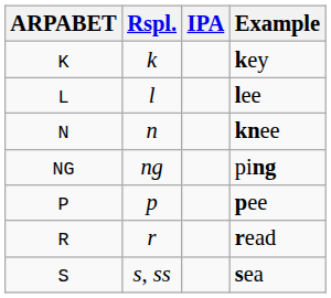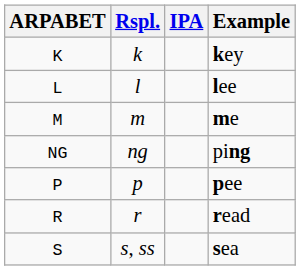 <table class="wikitable" style="display:inline-table; text-align: center;">
 <tr>
 <th colspan="1">ARPABET</th>
 <th colspan="1"><a href='#'>Rspl.</a></th>
 <th rowspan="1"><a href='#'>IPA</a></th>
 <th rowspan="1">Example</th>
 </tr>
 <tr>
 <td><code>K</code></td>
 <td><em>k</em></td>
 <td></td>
 <td style="text-align:left"><strong>k</strong>ey</td>
 </tr>
 <tr>
 <td><code>L</code></td>
 <td><em>l</em></td>
 <td></td>
 <td style="text-align:left"><strong>l</strong>ee</td>
 </tr>
 <tr>
-<td><code>N</code></td>
-<td><em>n</em></td>
+<td><code>M</code></td>
+<td><em>m</em></td>
 <td></td>
-<td style="text-align:left"><strong>kn</strong>ee</td>
+<td style="text-align:left"><strong>m</strong>e</td>
 </tr>
 <tr>
 <td><code>NG</code></td>
 <td><em>ng</em></td>
 <td></td>
 <td style="text-align:left">pi<strong>ng</strong></td>
 </tr>
 <tr>
 <td><code>P</code></td>
 <td><em>p</em></td>
 <td></td>
 <td style="text-align:left"><strong>p</strong>ee</td>
 </tr>
 <tr>
 <td><code>R</code></td>
 <td><em>r</em></td>
 <td></td>
 <td style="text-align:left"><strong>r</strong>ead</td>
 </tr>
 <tr>
 <td><code>S</code></td>
 <td><em>s</em>, <em>ss</em></td>
 <td></td>
 <td style="text-align:left"><strong>s</strong>ea</td>
 </tr>
 </table>
